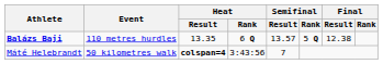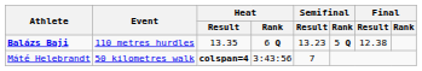 <table class="wikitable" style="font-size:90%">
 <tr>
 <th rowspan="2">Athlete</th>
 <th rowspan="2">Event</th>
 <th colspan="2">Heat</th>
 <th colspan="2">Semifinal</th>
 <th colspan="2">Final</th>
 </tr>
 <tr style="font-size:95%">
 <th>Result</th>
 <th>Rank</th>
 <th>Result</th>
 <th>Rank</th>
 <th>Result</th>
 <th>Rank</th>
 </tr>
 <tr style=text-align:center>
 <td style=text-align:left><strong><a href='#'>Balázs Baji</a></strong></td>
 <td style=text-align:left><a href='#'>110 metres hurdles</a></td>
 <td>13.35</td>
 <td>6 <strong>Q</strong></td>
-<td>13.57</td>
+<td>13.23</td>
 <td>5 <strong>Q</strong></td>
 <td>12.38</td>
 <td></td>
 </tr>
 <tr style=text-align:center>
 <td style=text-align:left><a href='#'>Máté Helebrandt</a></td>
 <td style=text-align:left><a href='#'>50 kilometres walk</a></td>
 <td><strong>colspan=4 </strong></td>
 <td>3:43:56 <strong></strong></td>
 <td>7</td>
 </tr>
 </table>
